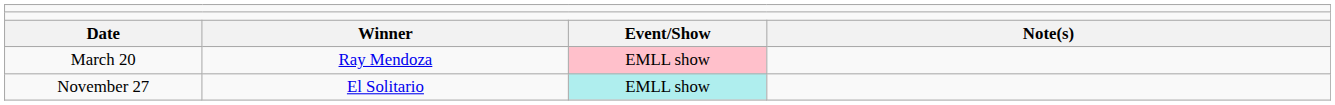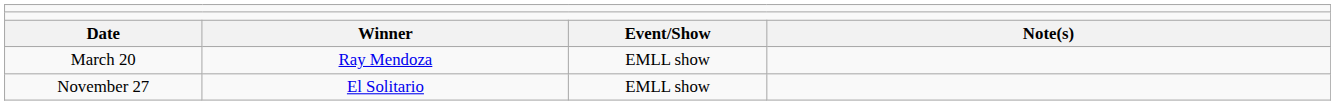 <table class="wikitable" style="text-align:center; width:100%;">
 <tr>
 <td colspan=5></td>
 </tr>
 <tr>
 <td colspan=5><strong></strong></td>
 </tr>
 <tr>
 <th width=14%>Date</th>
 <th width=26%>Winner</th>
 <th width=14%>Event/Show</th>
 <th width=40%>Note(s)</th>
 </tr>
 <tr>
 <td>March 20</td>
 <td><a href='#'>Ray Mendoza</a></td>
-<td style="background: pink;">EMLL show</td>
+<td>EMLL show</td>
 <td align=left></td>
 </tr>
 <tr>
 <td>November 27</td>
 <td><a href='#'>El Solitario</a></td>
-<td style="background: paleturquoise;">EMLL show</td>
+<td>EMLL show</td>
 <td align=left></td>
 </tr>
 </table>
